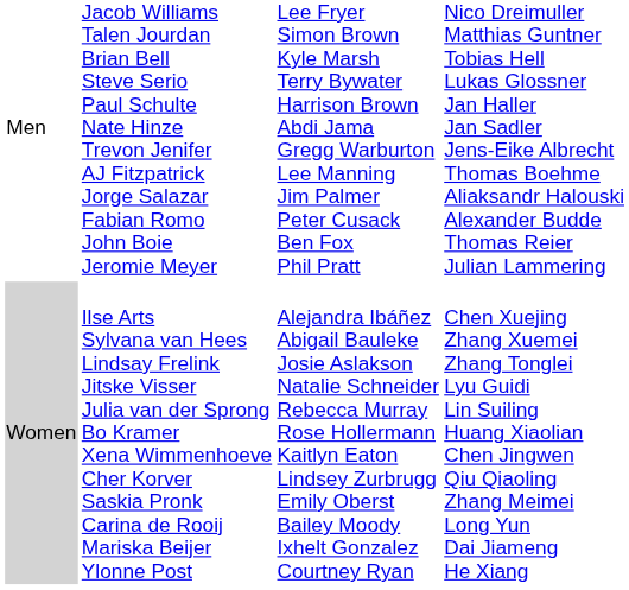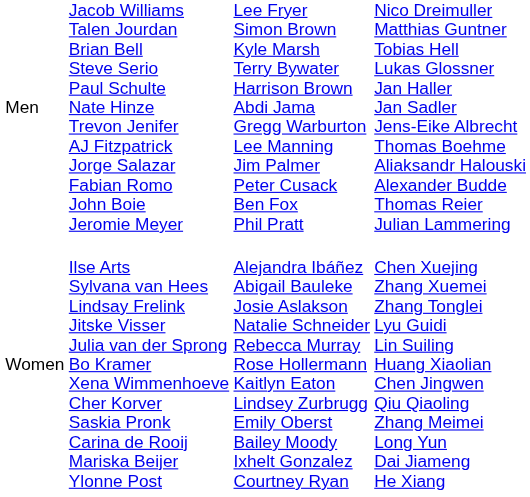 <table>
 <tr>
 <td>Men<br></td>
 <td><br><a href='#'>Jacob Williams</a><br><a href='#'>Talen Jourdan</a><br><a href='#'>Brian Bell</a><br><a href='#'>Steve Serio</a><br><a href='#'>Paul Schulte</a><br><a href='#'>Nate Hinze</a><br><a href='#'>Trevon Jenifer</a><br><a href='#'>AJ Fitzpatrick</a><br><a href='#'>Jorge Salazar</a><br><a href='#'>Fabian Romo</a><br><a href='#'>John Boie</a><br><a href='#'>Jeromie Meyer</a></td>
 <td><br><a href='#'>Lee Fryer</a><br><a href='#'>Simon Brown</a><br><a href='#'>Kyle Marsh</a><br><a href='#'>Terry Bywater</a><br><a href='#'>Harrison Brown</a><br><a href='#'>Abdi Jama</a><br><a href='#'>Gregg Warburton</a><br><a href='#'>Lee Manning</a><br><a href='#'>Jim Palmer</a><br><a href='#'>Peter Cusack</a><br><a href='#'>Ben Fox</a><br><a href='#'>Phil Pratt</a></td>
 <td><br><a href='#'>Nico Dreimuller</a><br><a href='#'>Matthias Guntner</a><br><a href='#'>Tobias Hell</a><br><a href='#'>Lukas Glossner</a><br><a href='#'>Jan Haller</a><br><a href='#'>Jan Sadler</a><br><a href='#'>Jens-Eike Albrecht</a><br><a href='#'>Thomas Boehme</a><br><a href='#'>Aliaksandr Halouski</a><br><a href='#'>Alexander Budde</a><br><a href='#'>Thomas Reier</a><br><a href='#'>Julian Lammering</a></td>
 </tr>
 <tr>
-<td style="background: lightgrey;">Women<br></td>
+<td>Women<br></td>
 <td><br><a href='#'>Ilse Arts</a><br><a href='#'>Sylvana van Hees</a><br><a href='#'>Lindsay Frelink</a><br><a href='#'>Jitske Visser</a><br><a href='#'>Julia van der Sprong</a><br><a href='#'>Bo Kramer</a><br><a href='#'>Xena Wimmenhoeve</a><br><a href='#'>Cher Korver</a><br><a href='#'>Saskia Pronk</a><br><a href='#'>Carina de Rooij</a><br><a href='#'>Mariska Beijer</a><br><a href='#'>Ylonne Post</a></td>
 <td><br><a href='#'>Alejandra Ibáñez</a><br><a href='#'>Abigail Bauleke</a><br><a href='#'>Josie Aslakson</a><br><a href='#'>Natalie Schneider</a><br><a href='#'>Rebecca Murray</a><br><a href='#'>Rose Hollermann</a><br><a href='#'>Kaitlyn Eaton</a><br><a href='#'>Lindsey Zurbrugg</a><br><a href='#'>Emily Oberst</a><br><a href='#'>Bailey Moody</a><br><a href='#'>Ixhelt Gonzalez</a><br><a href='#'>Courtney Ryan</a></td>
 <td><br><a href='#'>Chen Xuejing</a><br><a href='#'>Zhang Xuemei</a><br><a href='#'>Zhang Tonglei</a><br><a href='#'>Lyu Guidi</a><br><a href='#'>Lin Suiling</a><br><a href='#'>Huang Xiaolian</a><br><a href='#'>Chen Jingwen</a><br><a href='#'>Qiu Qiaoling</a><br><a href='#'>Zhang Meimei</a><br><a href='#'>Long Yun</a><br><a href='#'>Dai Jiameng</a><br><a href='#'>He Xiang</a></td>
 </tr>
 </table>
